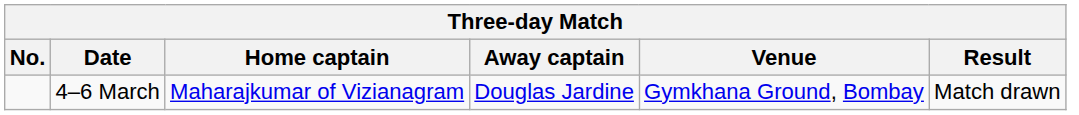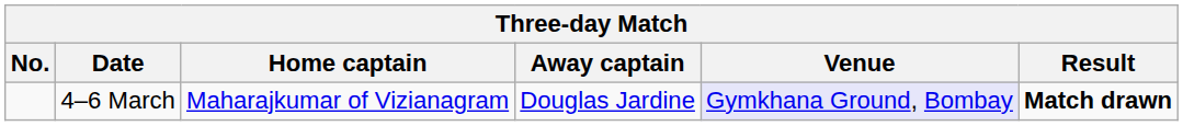 <table class="wikitable">
 <tr>
 <th colspan="9">Three-day Match</th>
 </tr>
 <tr>
 <th>No.</th>
 <th>Date</th>
 <th>Home captain</th>
 <th>Away captain</th>
 <th>Venue</th>
 <th>Result</th>
 </tr>
 <tr>
 <td></td>
 <td>4–6 March</td>
 <td><a href='#'>Maharajkumar of Vizianagram</a></td>
 <td><a href='#'>Douglas Jardine</a></td>
-<td><a href='#'>Gymkhana Ground</a>, <a href='#'>Bombay</a></td>
-<td>Match drawn</td>
+<td style="background: lavender;"><a href='#'>Gymkhana Ground</a>, <a href='#'>Bombay</a></td>
+<td><strong>Match drawn</strong></td>
 </tr>
 </table>
